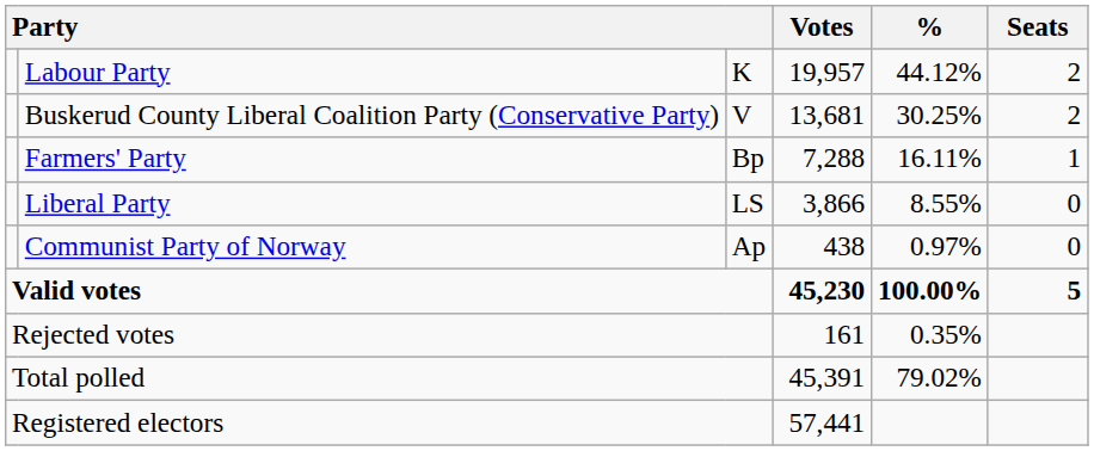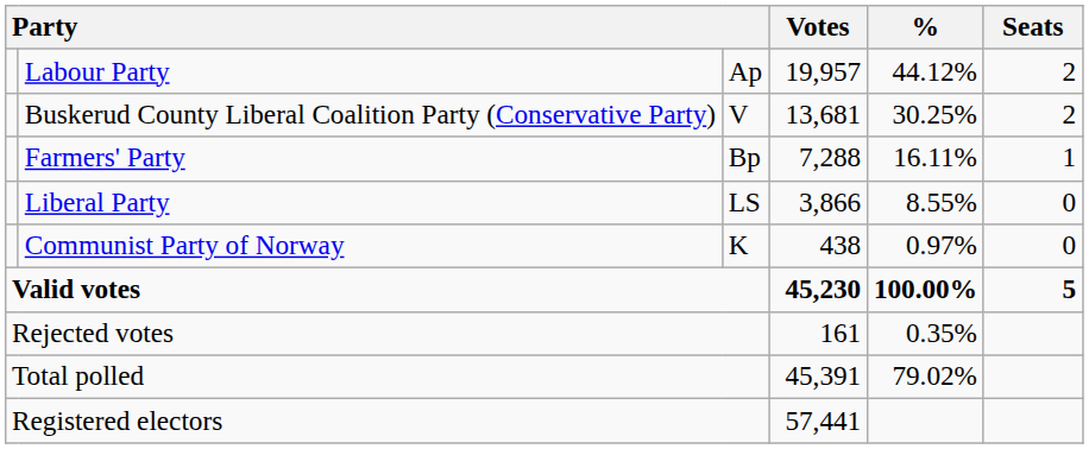 <table class="wikitable" border="1" style="text-align:right;">
 <tr>
 <th style="text-align:left;" colspan=3>Party</th>
 <th align=center width="50">Votes</th>
 <th align=center width="50">%</th>
 <th align=center width="50">Seats</th>
 </tr>
 <tr>
 <td style="color:inherit;background:"></td>
 <td align=left><a href='#'>Labour Party</a></td>
-<td align=left>K</td>
+<td align=left>Ap</td>
 <td>19,957</td>
 <td>44.12%</td>
 <td>2</td>
 </tr>
 <tr>
 <td></td>
 <td align=left>Buskerud County Liberal Coalition Party (<a href='#'>Conservative Party</a>)</td>
 <td align=left>V</td>
 <td>13,681</td>
 <td>30.25%</td>
 <td>2</td>
 </tr>
 <tr>
 <td style="color:inherit;background:"></td>
 <td align=left><a href='#'>Farmers' Party</a></td>
 <td align=left>Bp</td>
 <td>7,288</td>
 <td>16.11%</td>
 <td>1</td>
 </tr>
 <tr>
 <td style="color:inherit;background:"></td>
 <td align=left><a href='#'>Liberal Party</a></td>
 <td align=left>LS</td>
 <td>3,866</td>
 <td>8.55%</td>
 <td>0</td>
 </tr>
 <tr>
 <td style="color:inherit;background:"></td>
 <td align=left><a href='#'>Communist Party of Norway</a></td>
-<td align=left>Ap</td>
+<td align=left>K</td>
 <td>438</td>
 <td>0.97%</td>
 <td>0</td>
 </tr>
 <tr style="font-weight:bold">
 <td align=left colspan=3>Valid votes</td>
 <td>45,230</td>
 <td>100.00%</td>
 <td>5</td>
 </tr>
 <tr>
 <td align=left colspan=3>Rejected votes</td>
 <td>161</td>
 <td>0.35%</td>
 <td></td>
 </tr>
 <tr>
 <td align=left colspan=3>Total polled</td>
 <td>45,391</td>
 <td>79.02%</td>
 <td></td>
 </tr>
 <tr>
 <td align=left colspan=3>Registered electors</td>
 <td>57,441</td>
 <td></td>
 <td></td>
 </tr>
 </table>
